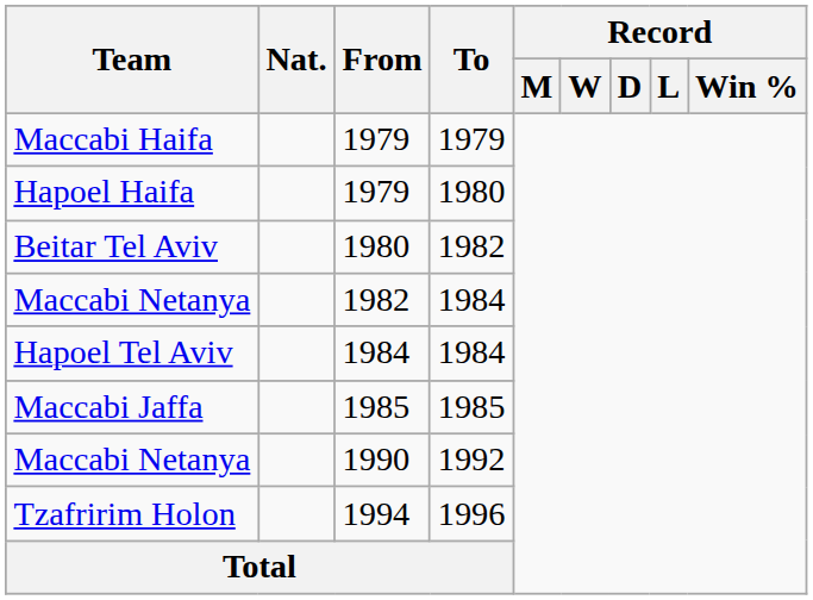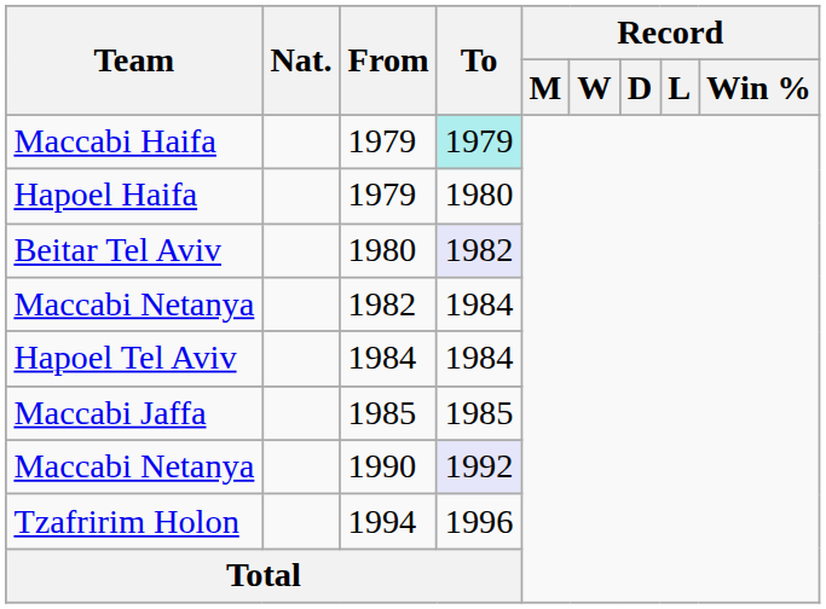 <table class="wikitable" style="text-align: center">
 <tr>
 <th rowspan=2>Team</th>
 <th rowspan=2>Nat.</th>
 <th rowspan=2>From</th>
 <th rowspan=2>To</th>
 <th colspan=7>Record</th>
 </tr>
 <tr>
 <th>M</th>
 <th>W</th>
 <th>D</th>
 <th>L</th>
 <th>Win %</th>
 </tr>
 <tr>
 <td align=left><a href='#'>Maccabi Haifa</a></td>
 <td></td>
 <td align=left>1979</td>
-<td align=left>1979<br></td>
+<td align=left style="background: paleturquoise;">1979<br></td>
 </tr>
 <tr>
 <td align=left><a href='#'>Hapoel Haifa</a></td>
 <td></td>
 <td align=left>1979</td>
 <td align=left>1980<br></td>
 </tr>
 <tr>
 <td align=left><a href='#'>Beitar Tel Aviv</a></td>
 <td></td>
 <td align=left>1980</td>
-<td align=left>1982<br></td>
+<td align=left style="background: lavender;">1982<br></td>
 </tr>
 <tr>
 <td align=left><a href='#'>Maccabi Netanya</a></td>
 <td></td>
 <td align=left>1982</td>
 <td align=left>1984<br></td>
 </tr>
 <tr>
 <td align=left><a href='#'>Hapoel Tel Aviv</a></td>
 <td></td>
 <td align=left>1984</td>
 <td align=left>1984<br></td>
 </tr>
 <tr>
 <td align=left><a href='#'>Maccabi Jaffa</a></td>
 <td></td>
 <td align=left>1985</td>
 <td align=left>1985<br></td>
 </tr>
 <tr>
 <td align=left><a href='#'>Maccabi Netanya</a></td>
 <td></td>
 <td align=left>1990</td>
-<td align=left>1992<br></td>
+<td align=left style="background: lavender;">1992<br></td>
 </tr>
 <tr>
 <td align=left><a href='#'>Tzafririm Holon</a></td>
 <td></td>
 <td align=left>1994</td>
 <td align=left>1996<br></td>
 </tr>
 <tr>
 <th colspan=4>Total<br></th>
 </tr>
 </table>
